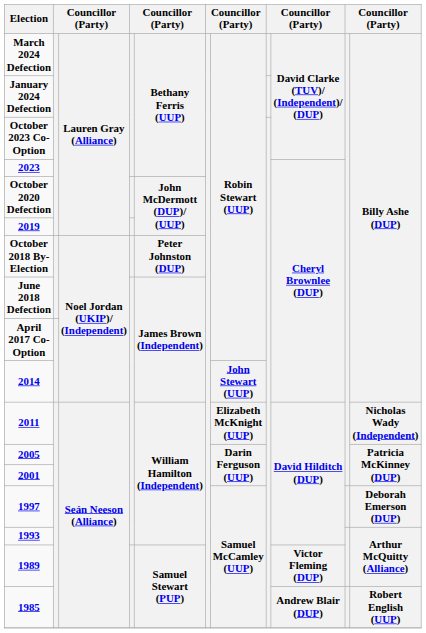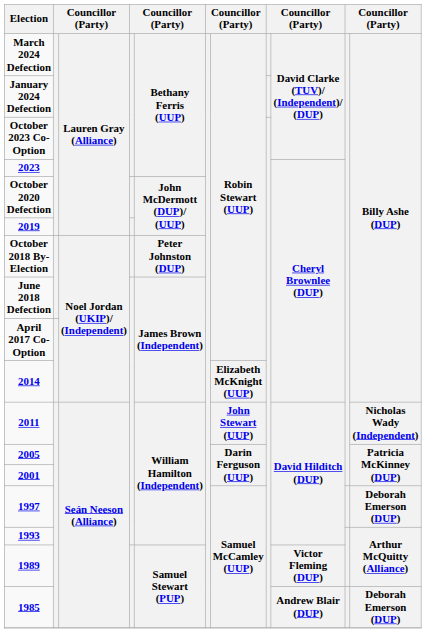 <table class="wikitable" style="text-align:center">
 <tr>
 <th scope="col" width="50">Election</th>
 <th scope="col" width="150" colspan = "2">Councillor<br> (Party)</th>
 <th scope="col" width="150" colspan = "2">Councillor<br> (Party)</th>
 <th scope="col" width="150" colspan = "2">Councillor<br> (Party)</th>
 <th scope="col" width="150" colspan = "2">Councillor<br> (Party)</th>
 <th scope="col" width="150" colspan = "2">Councillor<br> (Party)</th>
 </tr>
 <tr>
 <td><strong>March 2024 Defection</strong></td>
 <th rowspan="6" width="1" style="background-color: "></th>
 <th rowspan = "6">Lauren Gray <br> (<a href='#'>Alliance</a>)</th>
 <th rowspan="4" width="1" style="background-color: "></th>
 <th rowspan = "4">Bethany Ferris <br> (<a href='#'>UUP</a>)</th>
 <th rowspan="17" width="1" style="background-color: "></th>
 <th rowspan = "9">Robin Stewart <br> (<a href='#'>UUP</a>)</th>
 <th rowspan="1" width="1" style="background-color: "></th>
 <th rowspan = "3">David Clarke <br> (<a href='#'>TUV</a>)/ <br> (<a href='#'>Independent</a>)/ <br> (<a href='#'>DUP</a>)</th>
 <th rowspan="13" width="1" style="background-color: "></th>
 <th rowspan = "10">Billy Ashe <br> (<a href='#'>DUP</a>)</th>
 </tr>
 <tr>
 <td><strong>January 2024 Defection</strong></td>
 <th rowspan="1" width="1" style="background-color: "></th>
 </tr>
 <tr>
 <td><strong>October 2023 Co-Option</strong></td>
 <th rowspan="15" width="1" style="background-color: "></th>
 </tr>
 <tr>
 <td><strong><a href='#'>2023</a></strong></td>
 <th rowspan = "7"><a href='#'>Cheryl Brownlee</a> <br> (<a href='#'>DUP</a>)</th>
 </tr>
 <tr>
 <td><strong>October 2020 Defection</strong></td>
 <th rowspan="1" width="1" style="background-color: "></th>
 <th rowspan = "2">John McDermott <br> (<a href='#'>DUP</a>)/ <br> (<a href='#'>UUP</a>)</th>
 </tr>
 <tr>
 <td><strong><a href='#'>2019</a></strong></td>
 <th rowspan="1" width="1" style="background-color: "></th>
 </tr>
 <tr>
 <td><strong>October 2018 By-Election</strong></td>
 <th rowspan="2" width="1" style="background-color: "></th>
 <th rowspan = "4">Noel Jordan <br> (<a href='#'>UKIP</a>)/ <br> (<a href='#'>Independent</a>)</th>
 <th rowspan="1" width="1" style="background-color: "></th>
 <th rowspan = "1">Peter Johnston <br> (<a href='#'>DUP</a>)</th>
 </tr>
 <tr>
 <td><strong>June 2018 Defection</strong></td>
 <th rowspan="8" width="1" style="background-color: "></th>
 <th rowspan = "3">James Brown <br> (<a href='#'>Independent</a>)</th>
 </tr>
 <tr>
 <td><strong>April 2017 Co-Option</strong></td>
 <th rowspan="2" width="1" style="background-color: "></th>
 </tr>
 <tr>
 <td><strong><a href='#'>2014</a></strong></td>
-<th rowspan = "1"><a href='#'>John Stewart</a> <br> (<a href='#'>UUP</a>)</th>
+<th rowspan = "1">Elizabeth McKnight <br> (<a href='#'>UUP</a>)</th>
 </tr>
 <tr>
 <td><strong><a href='#'>2011</a></strong></td>
 <th rowspan="7" width="1" style="background-color: "></th>
 <th rowspan = "7"><a href='#'>Seán Neeson</a> <br> (<a href='#'>Alliance</a>)</th>
 <th rowspan = "5">William Hamilton <br> (<a href='#'>Independent</a>)</th>
-<th rowspan = "1">Elizabeth McKnight <br> (<a href='#'>UUP</a>)</th>
+<th rowspan = "1"><a href='#'>John Stewart</a> <br> (<a href='#'>UUP</a>)</th>
 <th rowspan = "5"><a href='#'>David Hilditch</a> <br> (<a href='#'>DUP</a>)</th>
 <th rowspan = "1">Nicholas Wady <br> (<a href='#'>Independent</a>)</th>
 </tr>
 <tr>
 <td><strong><a href='#'>2005</a></strong></td>
 <th rowspan = "2">Darin Ferguson <br> (<a href='#'>UUP</a>)</th>
 <th rowspan = "2">Patricia McKinney <br> (<a href='#'>DUP</a>)</th>
 </tr>
 <tr>
 <td><strong><a href='#'>2001</a></strong></td>
 </tr>
 <tr>
 <td><strong><a href='#'>1997</a></strong></td>
 <th rowspan = "4">Samuel McCamley <br> (<a href='#'>UUP</a>)</th>
 <th rowspan="1" width="1" style="background-color: "></th>
 <th rowspan = "1">Deborah Emerson <br> (<a href='#'>DUP</a>)</th>
 </tr>
 <tr>
 <td><strong><a href='#'>1993</a></strong></td>
 <th rowspan="2" width="1" style="background-color: "></th>
 <th rowspan = "2">Arthur McQuitty <br> (<a href='#'>Alliance</a>)</th>
 </tr>
 <tr>
 <td><strong><a href='#'>1989</a></strong></td>
 <th rowspan="2" width="1" style="background-color: "></th>
 <th rowspan = "2">Samuel Stewart <br> (<a href='#'>PUP</a>)</th>
 <th rowspan = "1">Victor Fleming <br> (<a href='#'>DUP</a>)</th>
 </tr>
 <tr>
 <td><strong><a href='#'>1985</a></strong></td>
 <th rowspan = "1">Andrew Blair <br> (<a href='#'>DUP</a>)</th>
 <th rowspan="1" width="1" style="background-color: "></th>
-<th rowspan = "1">Robert English <br> (<a href='#'>UUP</a>)</th>
+<th rowspan = "1">Deborah Emerson <br> (<a href='#'>DUP</a>)</th>
 </tr>
 <tr>
 </tr>
 </table>
